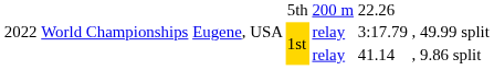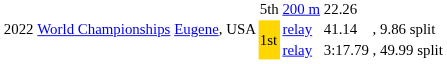 <table>
 <tr>
 <td rowspan=3>2022</td>
 <td rowspan=3><a href='#'>World Championships</a></td>
 <td rowspan=3><a href='#'>Eugene</a>, USA</td>
 <td>5th</td>
 <td><a href='#'>200 m</a></td>
 <td>22.26</td>
 <td></td>
 </tr>
 <tr>
 <td rowspan="2" bgcolor="gold">1st</td>
 <td data-sort-value="400 relay"><a href='#'> relay</a></td>
+<td>41.14</td>
+<td>, 9.86 split</td>
+</tr>
+<tr>
+<td data-sort-value="1600 relay"><a href='#'> relay</a></td>
 <td data-sort-value=197.79>3:17.79</td>
 <td>, 49.99 split</td>
 </tr>
-<tr>
-<td data-sort-value="1600 relay"><a href='#'> relay</a></td>
-<td>41.14</td>
-<td>, 9.86 split</td>
-</tr>
 </table>
